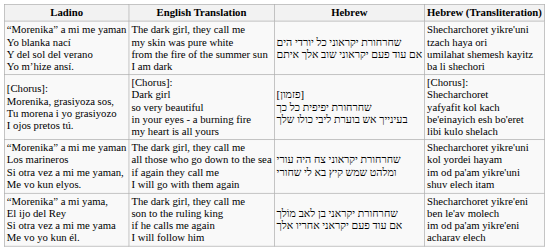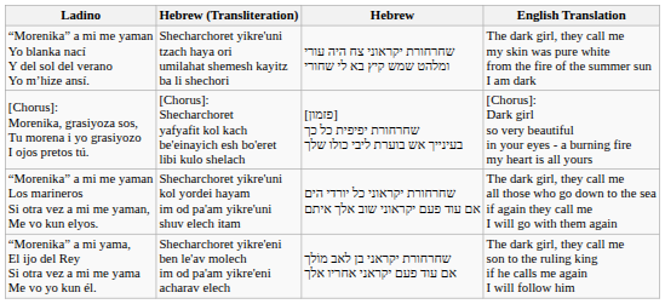 <table class="wikitable">
 <tr>
 <th>Ladino</th>
+<th>Hebrew (Transliteration)</th>
+<th>Hebrew</th>
 <th>English Translation</th>
-<th>Hebrew</th>
-<th>Hebrew (Transliteration)</th>
 </tr>
 <tr>
 <td>“Morenika” a mi me yaman<br>Yo blanka nací<br>Y del sol del verano<br>Yo m’hize ansí.</td>
+<td>Shecharchoret yikre'uni<br>tzach haya ori<br>umilahat shemesh kayitz<br>ba li shechori</td>
+<td><span>שחרחורת יקראוני צח היה עורי</span><br><span>ומלהט שמש קיץ בא לי שחורי</span></td>
 <td>The dark girl, they call me<br>my skin was pure white<br>from the fire of the summer sun<br>I am dark</td>
-<td><span>שחרחורת יקראוני כל יורדי הים</span><br><span>אם עוד פעם יקראוני שוב אלך איתם</span></td>
-<td>Shecharchoret yikre'uni<br>tzach haya ori<br>umilahat shemesh kayitz<br>ba li shechori</td>
 </tr>
 <tr>
 <td>[Chorus]:<br>Morenika, grasiyoza sos,<br>Tu morena i yo grasiyozo<br>I ojos pretos tú.</td>
+<td>[Chorus]:<br>Shecharchoret<br>yafyafit kol kach<br>be'einayich esh bo'eret<br>libi kulo shelach</td>
+<td><span>[פזמון]</span><br><span>שחרחורת יפיפית כל כך</span><br><span>בעינייך אש בוערת ליבי כולו שלך</span></td>
 <td>[Chorus]:<br>Dark girl<br>so very beautiful<br>in your eyes - a burning fire<br>my heart is all yours</td>
-<td><span>[פזמון]</span><br><span>שחרחורת יפיפית כל כך</span><br><span>בעינייך אש בוערת ליבי כולו שלך</span></td>
-<td>[Chorus]:<br>Shecharchoret<br>yafyafit kol kach<br>be'einayich esh bo'eret<br>libi kulo shelach</td>
 </tr>
 <tr>
 <td>“Morenika” a mi me yaman<br>Los marineros<br>Si otra vez a mi me yaman,<br>Me vo kun elyos.</td>
+<td>Shecharchoret yikre'uni<br>kol yordei hayam<br>im od pa'am yikre'uni<br>shuv elech itam</td>
+<td><span>שחרחורת יקראוני כל יורדי הים</span><br><span>אם עוד פעם יקראוני שוב אלך איתם</span></td>
 <td>The dark girl, they call me<br>all those who go down to the sea<br>if again they call me<br>I will go with them again</td>
-<td><span>שחרחורת יקראוני צח היה עורי</span><br><span>ומלהט שמש קיץ בא לי שחורי</span></td>
-<td>Shecharchoret yikre'uni<br>kol yordei hayam<br>im od pa'am yikre'uni<br>shuv elech itam</td>
 </tr>
 <tr>
 <td>“Morenika” a mi yama,<br>El ijo del Rey<br>Si otra vez a mi me yama<br>Me vo yo kun él.</td>
+<td>Shecharchoret yikre'eni<br>ben le'av molech<br>im od pa'am yikre'eni<br>acharav elech</td>
+<td><span>שחרחורת יקראני בן לאב מוֹלך</span><br><span>אם עוד פעם יקראני אחריו אלך</span></td>
 <td>The dark girl, they call me<br>son to the ruling king<br>if he calls me again<br>I will follow him</td>
-<td><span>שחרחורת יקראני בן לאב מוֹלך</span><br><span>אם עוד פעם יקראני אחריו אלך</span></td>
-<td>Shecharchoret yikre'eni<br>ben le'av molech<br>im od pa'am yikre'eni<br>acharav elech</td>
 </tr>
 </table>
